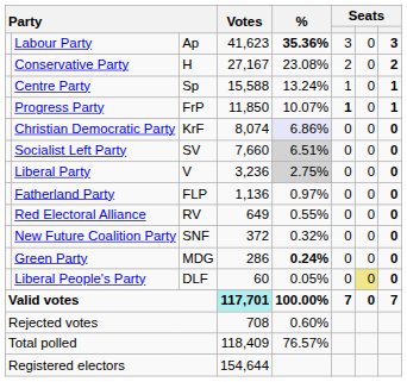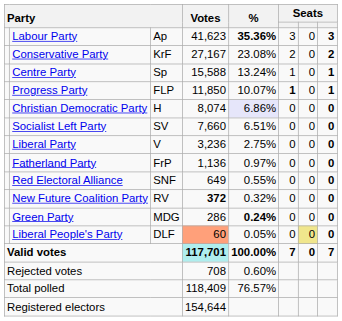 <table class="wikitable" border="1" style="text-align:right;">
 <tr>
 <th style="text-align:left;" valign=bottom rowspan=2 colspan=3>Party</th>
 <th align=center valign=bottom rowspan=2 width="50">Votes</th>
 <th align=center valign=bottom rowspan=2 width="50">%</th>
 <th colspan=3>Seats</th>
 </tr>
 <tr>
 <th align=center valign=bottom width="20"><small></small></th>
 <th align=center valign=bottom width="20"><small><a href='#'></a></small></th>
 <th align=center valign=bottom width="20"><small></small></th>
 </tr>
 <tr>
 <td style="color:inherit;background:"></td>
 <td align=left><a href='#'>Labour Party</a></td>
 <td align=left>Ap</td>
 <td>41,623</td>
 <td><strong>35.36%</strong></td>
 <td>3</td>
 <td>0</td>
 <td><strong>3</strong></td>
 </tr>
 <tr>
 <td style="color:inherit;background:"></td>
 <td align=left><a href='#'>Conservative Party</a></td>
-<td align=left>H</td>
+<td align=left>KrF</td>
 <td>27,167</td>
 <td>23.08%</td>
 <td>2</td>
 <td>0</td>
 <td><strong>2</strong></td>
 </tr>
 <tr>
 <td style="color:inherit;background:"></td>
 <td align=left><a href='#'>Centre Party</a></td>
 <td align=left>Sp</td>
 <td>15,588</td>
 <td>13.24%</td>
 <td>1</td>
 <td>0</td>
 <td><strong>1</strong></td>
 </tr>
 <tr>
 <td style="color:inherit;background:"></td>
 <td align=left><a href='#'>Progress Party</a></td>
-<td align=left>FrP</td>
+<td align=left>FLP</td>
 <td>11,850</td>
 <td>10.07%</td>
 <td><strong>1</strong></td>
 <td>0</td>
 <td><strong>1</strong></td>
 </tr>
 <tr>
 <td style="color:inherit;background:"></td>
 <td align=left><a href='#'>Christian Democratic Party</a></td>
-<td align=left>KrF</td>
+<td align=left>H</td>
 <td>8,074</td>
 <td style="background: lavender;">6.86%</td>
 <td>0</td>
 <td>0</td>
 <td><strong>0</strong></td>
 </tr>
 <tr>
 <td style="color:inherit;background:"></td>
 <td align=left><a href='#'>Socialist Left Party</a></td>
 <td align=left>SV</td>
 <td>7,660</td>
-<td style="background: lightgrey;">6.51%</td>
+<td>6.51%</td>
 <td>0</td>
 <td>0</td>
 <td><strong>0</strong></td>
 </tr>
 <tr>
 <td style="color:inherit;background:"></td>
 <td align=left><a href='#'>Liberal Party</a></td>
 <td align=left>V</td>
 <td>3,236</td>
-<td style="background: lightgrey;">2.75%</td>
+<td>2.75%</td>
 <td>0</td>
 <td>0</td>
 <td><strong>0</strong></td>
 </tr>
 <tr>
 <td style="color:inherit;background:"></td>
 <td align=left><a href='#'>Fatherland Party</a></td>
-<td align=left>FLP</td>
+<td align=left>FrP</td>
 <td>1,136</td>
 <td>0.97%</td>
 <td>0</td>
 <td>0</td>
 <td><strong>0</strong></td>
 </tr>
 <tr>
 <td style="color:inherit;background:"></td>
 <td align=left><a href='#'>Red Electoral Alliance</a></td>
-<td align=left>RV</td>
+<td align=left>SNF</td>
 <td>649</td>
 <td>0.55%</td>
 <td>0</td>
 <td>0</td>
 <td><strong>0</strong></td>
 </tr>
 <tr>
 <td style="color:inherit;background:"></td>
 <td align=left><a href='#'>New Future Coalition Party</a></td>
-<td align=left>SNF</td>
-<td>372</td>
+<td align=left>RV</td>
+<td><strong>372</strong></td>
 <td>0.32%</td>
 <td>0</td>
 <td>0</td>
 <td><strong>0</strong></td>
 </tr>
 <tr>
 <td style="color:inherit;background:"></td>
 <td align=left><a href='#'>Green Party</a></td>
 <td align=left>MDG</td>
 <td>286</td>
 <td><strong>0.24%</strong></td>
 <td>0</td>
 <td>0</td>
 <td><strong>0</strong></td>
 </tr>
 <tr>
 <td style="color:inherit;background:"></td>
 <td align=left><a href='#'>Liberal People's Party</a></td>
 <td align=left>DLF</td>
-<td>60</td>
+<td style="background: lightsalmon;">60</td>
 <td>0.05%</td>
 <td>0</td>
 <td style="background: khaki;">0</td>
 <td><strong>0</strong></td>
 </tr>
 <tr style="font-weight:bold">
 <td align=left colspan=3>Valid votes</td>
 <td style="background: paleturquoise;">117,701</td>
 <td>100.00%</td>
 <td>7</td>
 <td>0</td>
 <td>7</td>
 </tr>
 <tr>
 <td align=left colspan=3>Rejected votes</td>
 <td>708</td>
 <td>0.60%</td>
 <td></td>
 <td></td>
 <td></td>
 </tr>
 <tr>
 <td align=left colspan=3>Total polled</td>
 <td>118,409</td>
 <td>76.57%</td>
 <td></td>
 <td></td>
 <td></td>
 </tr>
 <tr>
 <td align=left colspan=3>Registered electors</td>
 <td>154,644</td>
 <td></td>
 <td></td>
 <td></td>
 <td></td>
 </tr>
 </table>
